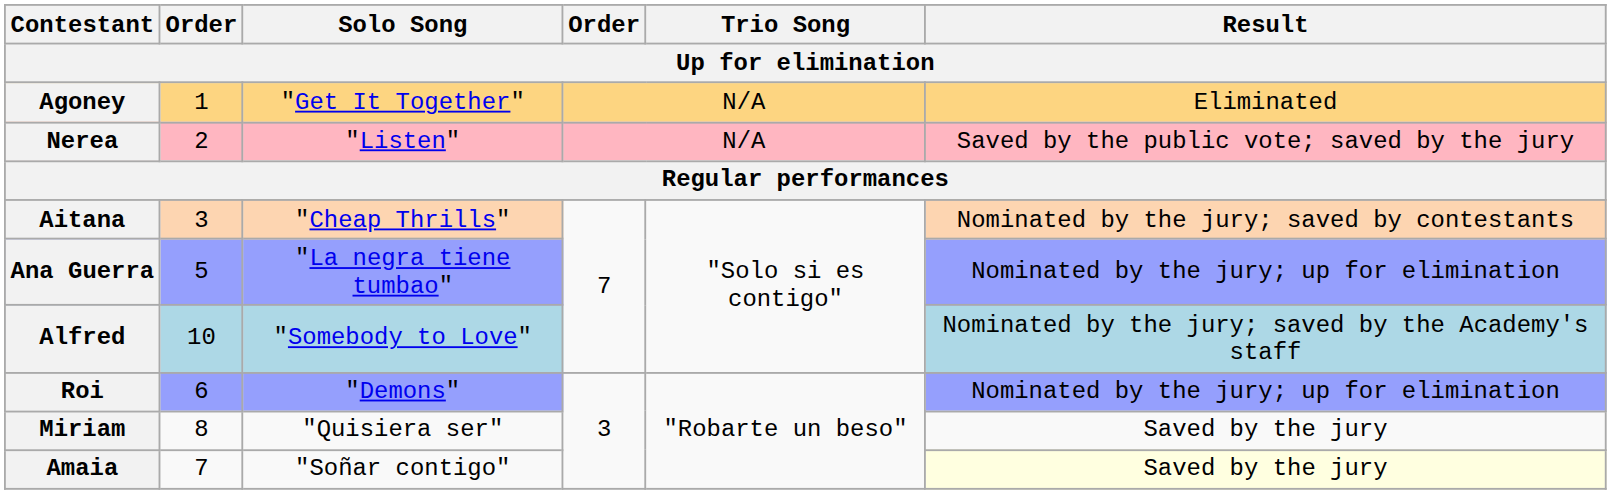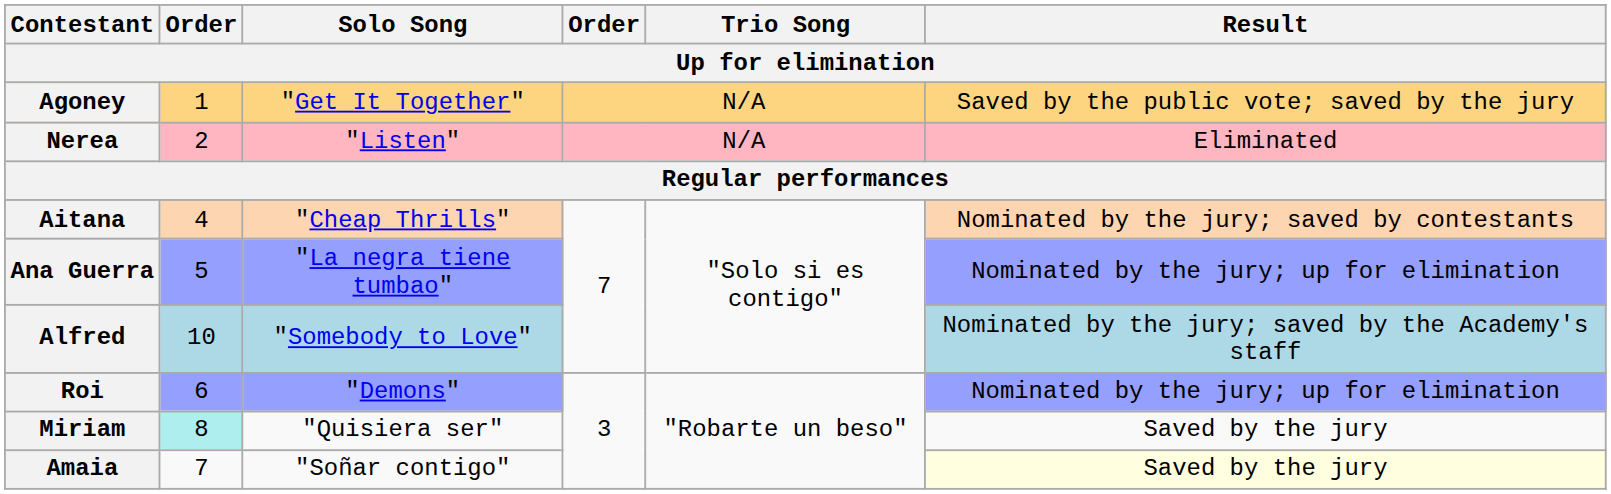 <table class="wikitable plainrowheaders" style="text-align:center;">
 <tr>
 <th scope="col">Contestant</th>
 <th scope="col">Order</th>
 <th scope="col">Solo Song</th>
 <th scope="col">Order</th>
 <th scope="col">Trio Song</th>
 <th scope="col">Result</th>
 </tr>
 <tr>
 <th colspan="6">Up for elimination</th>
 </tr>
 <tr style="background:#fdd581;">
 <th scope="row">Agoney</th>
 <td>1</td>
 <td>"<a href='#'>Get It Together</a>"</td>
 <td colspan="2">N/A</td>
-<td>Eliminated</td>
+<td>Saved by the public vote; saved by the jury</td>
 </tr>
 <tr style="background:lightpink">
 <th scope="row">Nerea</th>
 <td>2</td>
 <td>"<a href='#'>Listen</a>"</td>
 <td colspan="2">N/A</td>
-<td>Saved by the public vote; saved by the jury</td>
+<td>Eliminated</td>
 </tr>
 <tr>
 <th colspan="6">Regular performances</th>
 </tr>
 <tr>
 <th scope="row">Aitana</th>
-<td style="background:#fdd5b1;">3</td>
+<td style="background:#fdd5b1;">4</td>
 <td style="background:#fdd5b1;">"<a href='#'>Cheap Thrills</a>"</td>
 <td rowspan="3">7</td>
 <td rowspan="3">"Solo si es contigo"</td>
 <td style="background:#fdd5b1;">Nominated by the jury; saved by contestants</td>
 </tr>
 <tr style="background:#959ffd;">
 <th scope="row">Ana Guerra</th>
 <td>5</td>
 <td>"<a href='#'>La negra tiene tumbao</a>"</td>
 <td>Nominated by the jury; up for elimination</td>
 </tr>
 <tr style="background:lightblue">
 <th scope="row">Alfred</th>
 <td>10</td>
 <td>"<a href='#'>Somebody to Love</a>"</td>
 <td>Nominated by the jury; saved by the Academy's staff</td>
 </tr>
 <tr>
 <th scope="row">Roi</th>
 <td style="background:#959ffd;">6</td>
 <td style="background:#959ffd;">"<a href='#'>Demons</a>"</td>
 <td rowspan="3">3</td>
 <td rowspan="3">"Robarte un beso"</td>
 <td style="background:#959ffd;">Nominated by the jury; up for elimination</td>
 </tr>
 <tr>
 <th scope="row">Miriam</th>
-<td>8</td>
+<td style="background: paleturquoise;">8</td>
 <td>"Quisiera ser"</td>
 <td>Saved by the jury</td>
 </tr>
 <tr>
 <th scope="row">Amaia</th>
 <td>7</td>
 <td>"Soñar contigo"</td>
 <td style="background: lightyellow;">Saved by the jury</td>
 </tr>
 </table>
